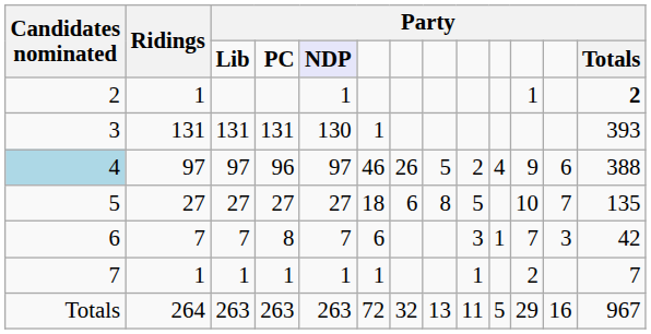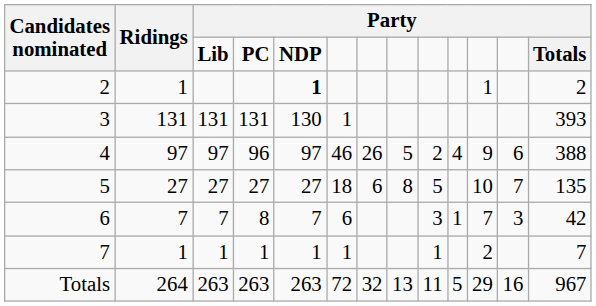 <table class="wikitable" style="text-align:right;">
 <tr>
 <th rowspan="2">Candidates<br>nominated</th>
 <th rowspan="2">Ridings</th>
 <th colspan="11">Party</th>
 </tr>
 <tr>
 <td><strong>Lib</strong></td>
 <td><strong>PC</strong></td>
-<td style="background: lavender;"><strong>NDP</strong></td>
+<td><strong>NDP</strong></td>
 <td><strong></strong></td>
 <td><strong></strong></td>
 <td><strong></strong></td>
 <td><strong></strong></td>
 <td><strong></strong></td>
 <td><strong></strong></td>
 <td><strong></strong></td>
 <th>Totals</th>
 </tr>
 <tr>
 <td>2</td>
 <td>1</td>
 <td></td>
 <td></td>
-<td>1</td>
+<td><strong>1</strong></td>
 <td></td>
 <td></td>
 <td></td>
 <td></td>
 <td></td>
 <td>1</td>
 <td></td>
-<td><strong>2</strong></td>
+<td>2</td>
 </tr>
 <tr>
 <td>3</td>
 <td>131</td>
 <td>131</td>
 <td>131</td>
 <td>130</td>
 <td>1</td>
 <td></td>
 <td></td>
 <td></td>
 <td></td>
 <td></td>
 <td></td>
 <td>393</td>
 </tr>
 <tr>
-<td style="background: lightblue;">4</td>
+<td>4</td>
 <td>97</td>
 <td>97</td>
 <td>96</td>
 <td>97</td>
 <td>46</td>
 <td>26</td>
 <td>5</td>
 <td>2</td>
 <td>4</td>
 <td>9</td>
 <td>6</td>
 <td>388</td>
 </tr>
 <tr>
 <td>5</td>
 <td>27</td>
 <td>27</td>
 <td>27</td>
 <td>27</td>
 <td>18</td>
 <td>6</td>
 <td>8</td>
 <td>5</td>
 <td></td>
 <td>10</td>
 <td>7</td>
 <td>135</td>
 </tr>
 <tr>
 <td>6</td>
 <td>7</td>
 <td>7</td>
 <td>8</td>
 <td>7</td>
 <td>6</td>
 <td></td>
 <td></td>
 <td>3</td>
 <td>1</td>
 <td>7</td>
 <td>3</td>
 <td>42</td>
 </tr>
 <tr>
 <td>7</td>
 <td>1</td>
 <td>1</td>
 <td>1</td>
 <td>1</td>
 <td>1</td>
 <td></td>
 <td></td>
 <td>1</td>
 <td></td>
 <td>2</td>
 <td></td>
 <td>7</td>
 </tr>
 <tr>
 <td>Totals</td>
 <td>264</td>
 <td>263</td>
 <td>263</td>
 <td>263</td>
 <td>72</td>
 <td>32</td>
 <td>13</td>
 <td>11</td>
 <td>5</td>
 <td>29</td>
 <td>16</td>
 <td>967</td>
 </tr>
 </table>
